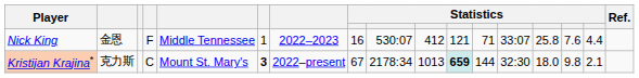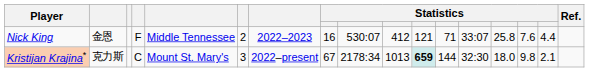 <table class="wikitable sortable" style="font-size:95%; text-align:right;">
 <tr>
 <th rowspan="2">Player</th>
 <th rowspan="2"></th>
 <th rowspan="2"></th>
 <th rowspan="2"></th>
 <th rowspan="2"></th>
 <th rowspan="2"></th>
 <th rowspan="2"></th>
 <th colspan="9">Statistics</th>
 <th rowspan="2">Ref.</th>
 </tr>
 <tr>
 <th></th>
 <th></th>
 <th></th>
 <th></th>
 <th></th>
 <th></th>
 <th></th>
 <th></th>
 <th></th>
 </tr>
 <tr>
 <td align="left"><em><a href='#'>Nick King</a></em></td>
 <td align="left">金恩</td>
 <td align="center"></td>
 <td align="center">F</td>
 <td align="left"><a href='#'>Middle Tennessee</a></td>
-<td align="center">1</td>
+<td align="center">2</td>
 <td align="center"><a href='#'>2022–2023</a></td>
 <td>16</td>
 <td>530:07</td>
 <td>412</td>
 <td>121</td>
 <td>71</td>
 <td>33:07</td>
 <td>25.8</td>
 <td>7.6</td>
 <td>4.4</td>
 <td align="center"></td>
 </tr>
 <tr>
 <td align="left" bgcolor="#FBCEB1"><em><a href='#'>Kristijan Krajina</a></em><sup>*</sup></td>
 <td align="left">克力斯</td>
 <td align="center"></td>
 <td align="center">C</td>
 <td align="left"><a href='#'>Mount St. Mary's</a></td>
-<td align="center"><strong>3</strong></td>
+<td align="center">3</td>
 <td align="center"><a href='#'>2022</a>–<a href='#'>present</a></td>
 <td>67</td>
 <td>2178:34</td>
 <td>1013</td>
 <td bgcolor="#CFECEC"><strong>659</strong></td>
 <td>144</td>
 <td>32:30</td>
 <td>18.0</td>
 <td>9.8</td>
 <td>2.1</td>
 <td align="center"></td>
 </tr>
 </table>
